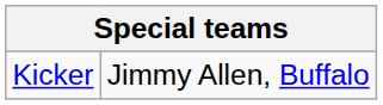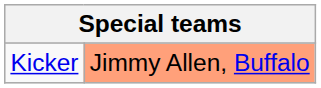 <table class="wikitable">
 <tr>
 <th colspan="6">Special teams</th>
 </tr>
 <tr>
 <td><a href='#'>Kicker</a></td>
-<td>Jimmy Allen, <a href='#'>Buffalo</a></td>
+<td style="background: lightsalmon;">Jimmy Allen, <a href='#'>Buffalo</a></td>
 </tr>
 </table>
